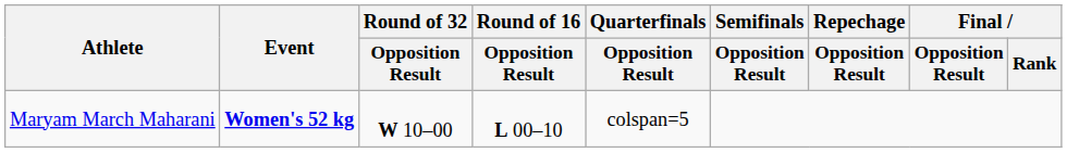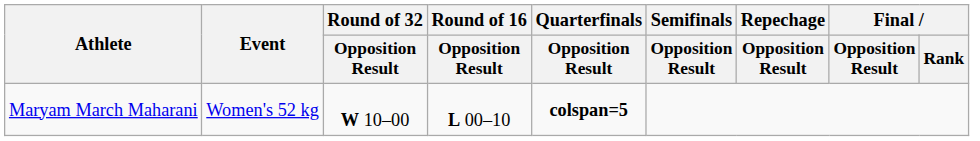 <table class=wikitable style=font-size:90%;>
 <tr>
 <th rowspan=2>Athlete</th>
 <th rowspan=2>Event</th>
 <th>Round of 32</th>
 <th>Round of 16</th>
 <th>Quarterfinals</th>
 <th>Semifinals</th>
 <th>Repechage</th>
 <th colspan=2>Final / </th>
 </tr>
 <tr style=font-size:95%>
 <th>Opposition<br>Result</th>
 <th>Opposition<br>Result</th>
 <th>Opposition<br>Result</th>
 <th>Opposition<br>Result</th>
 <th>Opposition<br>Result</th>
 <th>Opposition<br>Result</th>
 <th>Rank</th>
 </tr>
 <tr align=center>
 <td align=left><a href='#'>Maryam March Maharani</a></td>
-<td align=left><strong><a href='#'>Women's 52 kg</a></strong></td>
+<td align=left><a href='#'>Women's 52 kg</a></td>
 <td><br><strong>W</strong> 10–00</td>
 <td><br><strong>L</strong> 00–10</td>
-<td>colspan=5 </td>
+<td><strong>colspan=5 </strong></td>
 </tr>
 </table>
